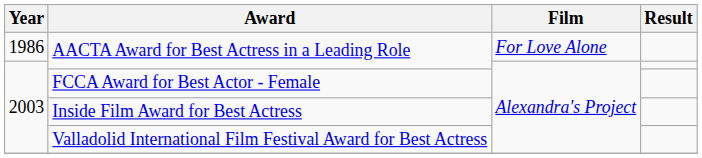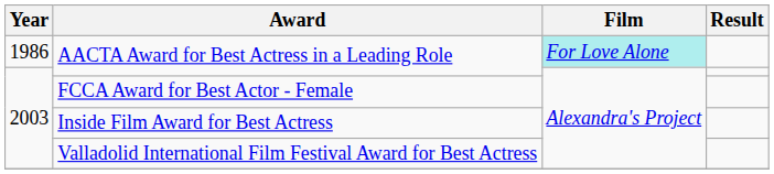 <table class="wikitable">
 <tr>
 <th>Year</th>
 <th>Award</th>
 <th>Film</th>
 <th>Result</th>
 </tr>
 <tr>
 <td>1986</td>
 <td rowspan=2><a href='#'>AACTA Award for Best Actress in a Leading Role</a></td>
-<td><em><a href='#'>For Love Alone</a></em></td>
+<td style="background: paleturquoise;"><em><a href='#'>For Love Alone</a></em></td>
 <td></td>
 </tr>
 <tr>
 <td rowspan=4>2003</td>
 <td rowspan=4><em><a href='#'>Alexandra's Project</a></em></td>
 <td></td>
 </tr>
 <tr>
 <td><a href='#'>FCCA Award for Best Actor - Female</a></td>
 <td></td>
 </tr>
 <tr>
 <td><a href='#'>Inside Film Award for Best Actress</a></td>
 <td></td>
 </tr>
 <tr>
 <td><a href='#'>Valladolid International Film Festival Award for Best Actress</a></td>
 <td></td>
 </tr>
 <tr>
 </tr>
 </table>
